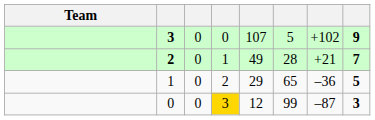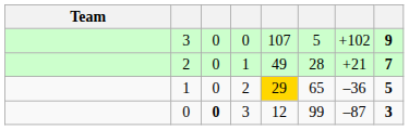 <table class="wikitable" style="text-align:center;">
 <tr>
 <th style="width:10.5em;">Team</th>
 <th style="width:1.5em;"></th>
 <th style="width:1.5em;"></th>
 <th style="width:1.5em;"></th>
 <th style="width:2.0em;"></th>
 <th style="width:2.0em;"></th>
 <th style="width:2.0em;"></th>
 <th style="width:1.5em;"></th>
 </tr>
 <tr bgcolor=#cfc>
 <td align="left"></td>
-<td><strong>3</strong></td>
+<td>3</td>
 <td>0</td>
 <td>0</td>
 <td>107</td>
 <td>5</td>
 <td>+102</td>
 <td><strong>9</strong></td>
 </tr>
 <tr bgcolor=#cfc>
 <td align="left"></td>
-<td><strong>2</strong></td>
+<td>2</td>
 <td>0</td>
 <td>1</td>
 <td>49</td>
 <td>28</td>
 <td>+21</td>
 <td><strong>7</strong></td>
 </tr>
 <tr>
 <td align="left"></td>
 <td>1</td>
 <td>0</td>
 <td>2</td>
-<td>29</td>
+<td style="background: gold;">29</td>
 <td>65</td>
 <td>–36</td>
 <td><strong>5</strong></td>
 </tr>
 <tr>
 <td align="left"></td>
 <td>0</td>
-<td>0</td>
-<td style="background: gold;">3</td>
+<td><strong>0</strong></td>
+<td>3</td>
 <td>12</td>
 <td>99</td>
 <td>–87</td>
 <td><strong>3</strong></td>
 </tr>
 </table>
